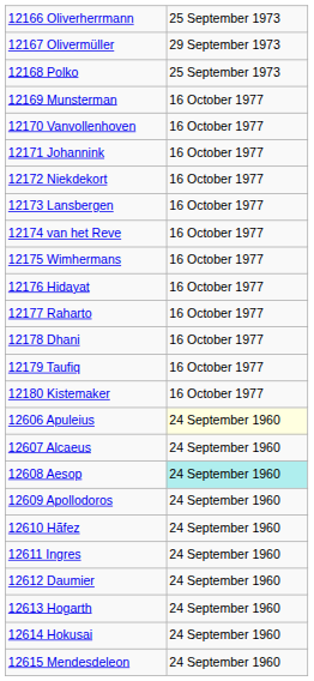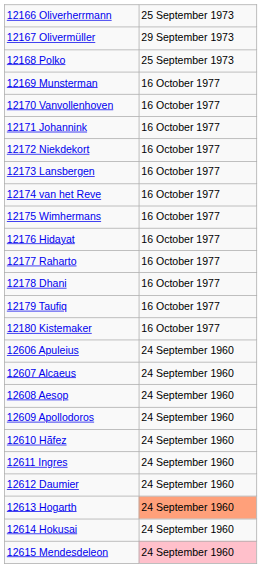 <table class="wikitable" style="font-size: 89%; float: left; width: 24em; margin-right: 1em; line-height: 1.65em">
 <tr>
 <td><a href='#'>12166 Oliverherrmann</a></td>
 <td>25 September 1973</td>
 </tr>
 <tr>
 <td><a href='#'>12167 Olivermüller</a></td>
 <td>29 September 1973</td>
 </tr>
 <tr>
 <td><a href='#'>12168 Polko</a></td>
 <td>25 September 1973</td>
 </tr>
 <tr>
 <td><a href='#'>12169 Munsterman</a></td>
 <td>16 October 1977</td>
 </tr>
 <tr>
 <td><a href='#'>12170 Vanvollenhoven</a></td>
 <td>16 October 1977</td>
 </tr>
 <tr>
 <td><a href='#'>12171 Johannink</a></td>
 <td>16 October 1977</td>
 </tr>
 <tr>
 <td><a href='#'>12172 Niekdekort</a></td>
 <td>16 October 1977</td>
 </tr>
 <tr>
 <td><a href='#'>12173 Lansbergen</a></td>
 <td>16 October 1977</td>
 </tr>
 <tr>
 <td><a href='#'>12174 van het Reve</a></td>
 <td>16 October 1977</td>
 </tr>
 <tr>
 <td><a href='#'>12175 Wimhermans</a></td>
 <td>16 October 1977</td>
 </tr>
 <tr>
 <td><a href='#'>12176 Hidayat</a></td>
 <td>16 October 1977</td>
 </tr>
 <tr>
 <td><a href='#'>12177 Raharto</a></td>
 <td>16 October 1977</td>
 </tr>
 <tr>
 <td><a href='#'>12178 Dhani</a></td>
 <td>16 October 1977</td>
 </tr>
 <tr>
 <td><a href='#'>12179 Taufiq</a></td>
 <td>16 October 1977</td>
 </tr>
 <tr>
 <td><a href='#'>12180 Kistemaker</a></td>
 <td>16 October 1977</td>
 </tr>
 <tr>
 <td><a href='#'>12606 Apuleius</a></td>
-<td style="background: lightyellow;">24 September 1960</td>
+<td>24 September 1960</td>
 </tr>
 <tr>
 <td><a href='#'>12607 Alcaeus</a></td>
 <td>24 September 1960</td>
 </tr>
 <tr>
 <td><a href='#'>12608 Aesop</a></td>
-<td style="background: paleturquoise;">24 September 1960</td>
+<td>24 September 1960</td>
 </tr>
 <tr>
 <td><a href='#'>12609 Apollodoros</a></td>
 <td>24 September 1960</td>
 </tr>
 <tr>
 <td><a href='#'>12610 Hãfez</a></td>
 <td>24 September 1960</td>
 </tr>
 <tr>
 <td><a href='#'>12611 Ingres</a></td>
 <td>24 September 1960</td>
 </tr>
 <tr>
 <td><a href='#'>12612 Daumier</a></td>
 <td>24 September 1960</td>
 </tr>
 <tr>
 <td><a href='#'>12613 Hogarth</a></td>
-<td>24 September 1960</td>
+<td style="background: lightsalmon;">24 September 1960</td>
 </tr>
 <tr>
 <td><a href='#'>12614 Hokusai</a></td>
 <td>24 September 1960</td>
 </tr>
 <tr>
 <td><a href='#'>12615 Mendesdeleon</a></td>
-<td>24 September 1960</td>
+<td style="background: pink;">24 September 1960</td>
 </tr>
 </table>
